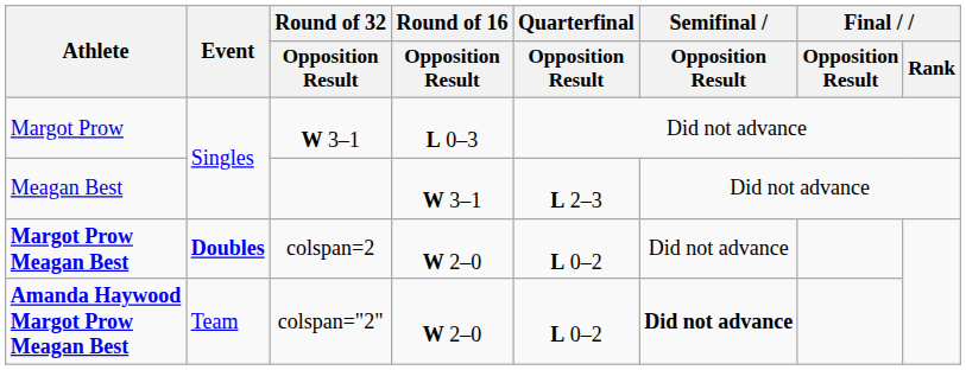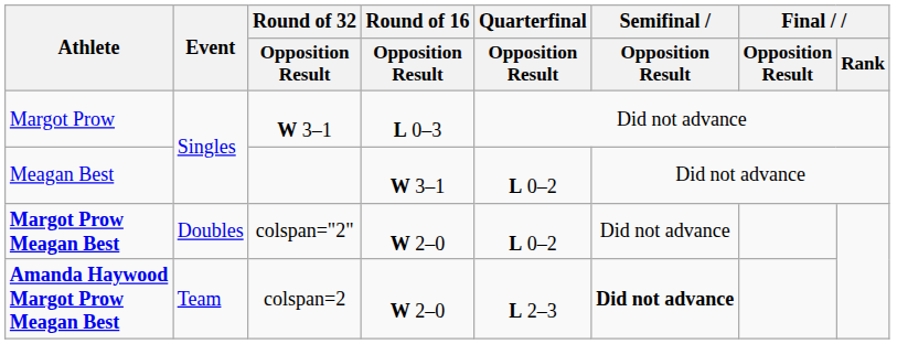 <table class=wikitable style=font-size:90%;text-align:center>
 <tr>
 <th rowspan=2>Athlete</th>
 <th rowspan=2>Event</th>
 <th>Round of 32</th>
 <th>Round of 16</th>
 <th>Quarterfinal</th>
 <th>Semifinal / </th>
 <th colspan=2>Final /  / </th>
 </tr>
 <tr style=font-size:95%>
 <th>Opposition<br>Result</th>
 <th>Opposition<br>Result</th>
 <th>Opposition<br>Result</th>
 <th>Opposition<br>Result</th>
 <th>Opposition<br>Result</th>
 <th>Rank</th>
 </tr>
 <tr>
 <td align=left><a href='#'>Margot Prow</a></td>
 <td align=left rowspan=2><a href='#'>Singles</a></td>
 <td><br><strong>W</strong> 3–1</td>
 <td><br><strong>L</strong> 0–3</td>
 <td colspan="4">Did not advance</td>
 </tr>
 <tr>
 <td align=left><a href='#'>Meagan Best</a></td>
 <td></td>
 <td><br><strong>W</strong> 3–1</td>
-<td><br><strong>L</strong> 2–3</td>
+<td><br><strong>L</strong> 0–2</td>
 <td colspan="3">Did not advance</td>
 </tr>
 <tr>
 <td align=left><strong><a href='#'>Margot Prow</a><br><a href='#'>Meagan Best</a></strong></td>
-<td align=left><strong><a href='#'>Doubles</a></strong></td>
-<td>colspan=2 </td>
+<td align=left><a href='#'>Doubles</a></td>
+<td>colspan="2" </td>
 <td><br><strong>W</strong> 2–0</td>
 <td><br><strong>L</strong> 0–2</td>
 <td>Did not advance</td>
 <td></td>
 </tr>
 <tr>
 <td align=left><strong><a href='#'>Amanda Haywood</a><br><a href='#'>Margot Prow</a><br><a href='#'>Meagan Best</a></strong></td>
 <td align=left><a href='#'>Team</a></td>
-<td>colspan="2" </td>
+<td>colspan=2 </td>
 <td><br><strong>W</strong> 2–0</td>
-<td><br><strong>L</strong> 0–2</td>
+<td><br><strong>L</strong> 2–3</td>
 <td><strong>Did not advance</strong></td>
 <td></td>
 </tr>
 </table>
